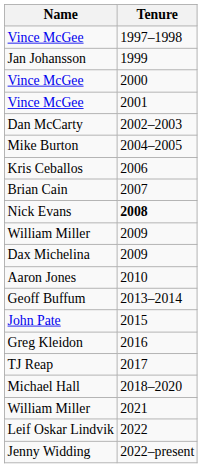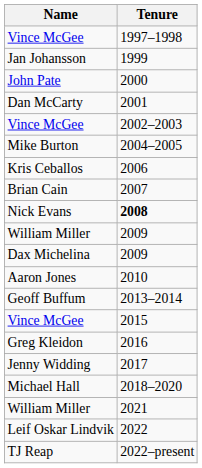 <table class="wikitable">
 <tr>
 <th>Name</th>
 <th>Tenure</th>
 </tr>
 <tr>
 <td><a href='#'>Vince McGee</a></td>
 <td>1997–1998</td>
 </tr>
 <tr>
 <td>Jan Johansson</td>
 <td>1999</td>
 </tr>
 <tr>
-<td><a href='#'>Vince McGee</a></td>
+<td><a href='#'>John Pate</a></td>
 <td>2000</td>
 </tr>
 <tr>
-<td><a href='#'>Vince McGee</a></td>
+<td>Dan McCarty</td>
 <td>2001</td>
 </tr>
 <tr>
-<td>Dan McCarty</td>
+<td><a href='#'>Vince McGee</a></td>
 <td>2002–2003</td>
 </tr>
 <tr>
 <td>Mike Burton</td>
 <td>2004–2005</td>
 </tr>
 <tr>
 <td>Kris Ceballos</td>
 <td>2006</td>
 </tr>
 <tr>
 <td>Brian Cain</td>
 <td>2007</td>
 </tr>
 <tr>
 <td>Nick Evans</td>
 <td><strong>2008</strong></td>
 </tr>
 <tr>
 <td>William Miller</td>
 <td>2009</td>
 </tr>
 <tr>
 <td>Dax Michelina</td>
 <td>2009</td>
 </tr>
 <tr>
 <td>Aaron Jones</td>
 <td>2010</td>
 </tr>
 <tr>
 <td>Geoff Buffum</td>
 <td>2013–2014</td>
 </tr>
 <tr>
-<td><a href='#'>John Pate</a></td>
+<td><a href='#'>Vince McGee</a></td>
 <td>2015</td>
 </tr>
 <tr>
 <td>Greg Kleidon</td>
 <td>2016</td>
 </tr>
 <tr>
-<td>TJ Reap</td>
+<td>Jenny Widding</td>
 <td>2017</td>
 </tr>
 <tr>
 <td>Michael Hall</td>
 <td>2018–2020</td>
 </tr>
 <tr>
 <td>William Miller</td>
 <td>2021</td>
 </tr>
 <tr>
 <td>Leif Oskar Lindvik</td>
 <td>2022</td>
 </tr>
 <tr>
-<td>Jenny Widding</td>
+<td>TJ Reap</td>
 <td>2022–present</td>
 </tr>
 </table>
